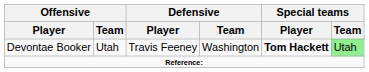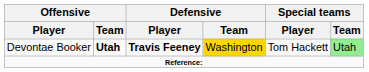 <table class="wikitable">
 <tr>
 <th colspan="2">Offensive</th>
 <th colspan="2">Defensive</th>
 <th colspan="2">Special teams</th>
 </tr>
 <tr>
 <th>Player</th>
 <th>Team</th>
 <th>Player</th>
 <th>Team</th>
 <th>Player</th>
 <th>Team</th>
 </tr>
 <tr>
 <td>Devontae Booker</td>
-<td>Utah</td>
-<td>Travis Feeney</td>
-<td>Washington</td>
-<td><strong>Tom Hackett</strong></td>
+<td><strong>Utah</strong></td>
+<td><strong>Travis Feeney</strong></td>
+<td style="background: gold;">Washington</td>
+<td>Tom Hackett</td>
 <td style="background: lightgreen;">Utah</td>
 </tr>
 <tr>
 <td colspan="12"  style="font-size:8pt; text-align:center;"><strong>Reference:</strong></td>
 </tr>
 </table>
